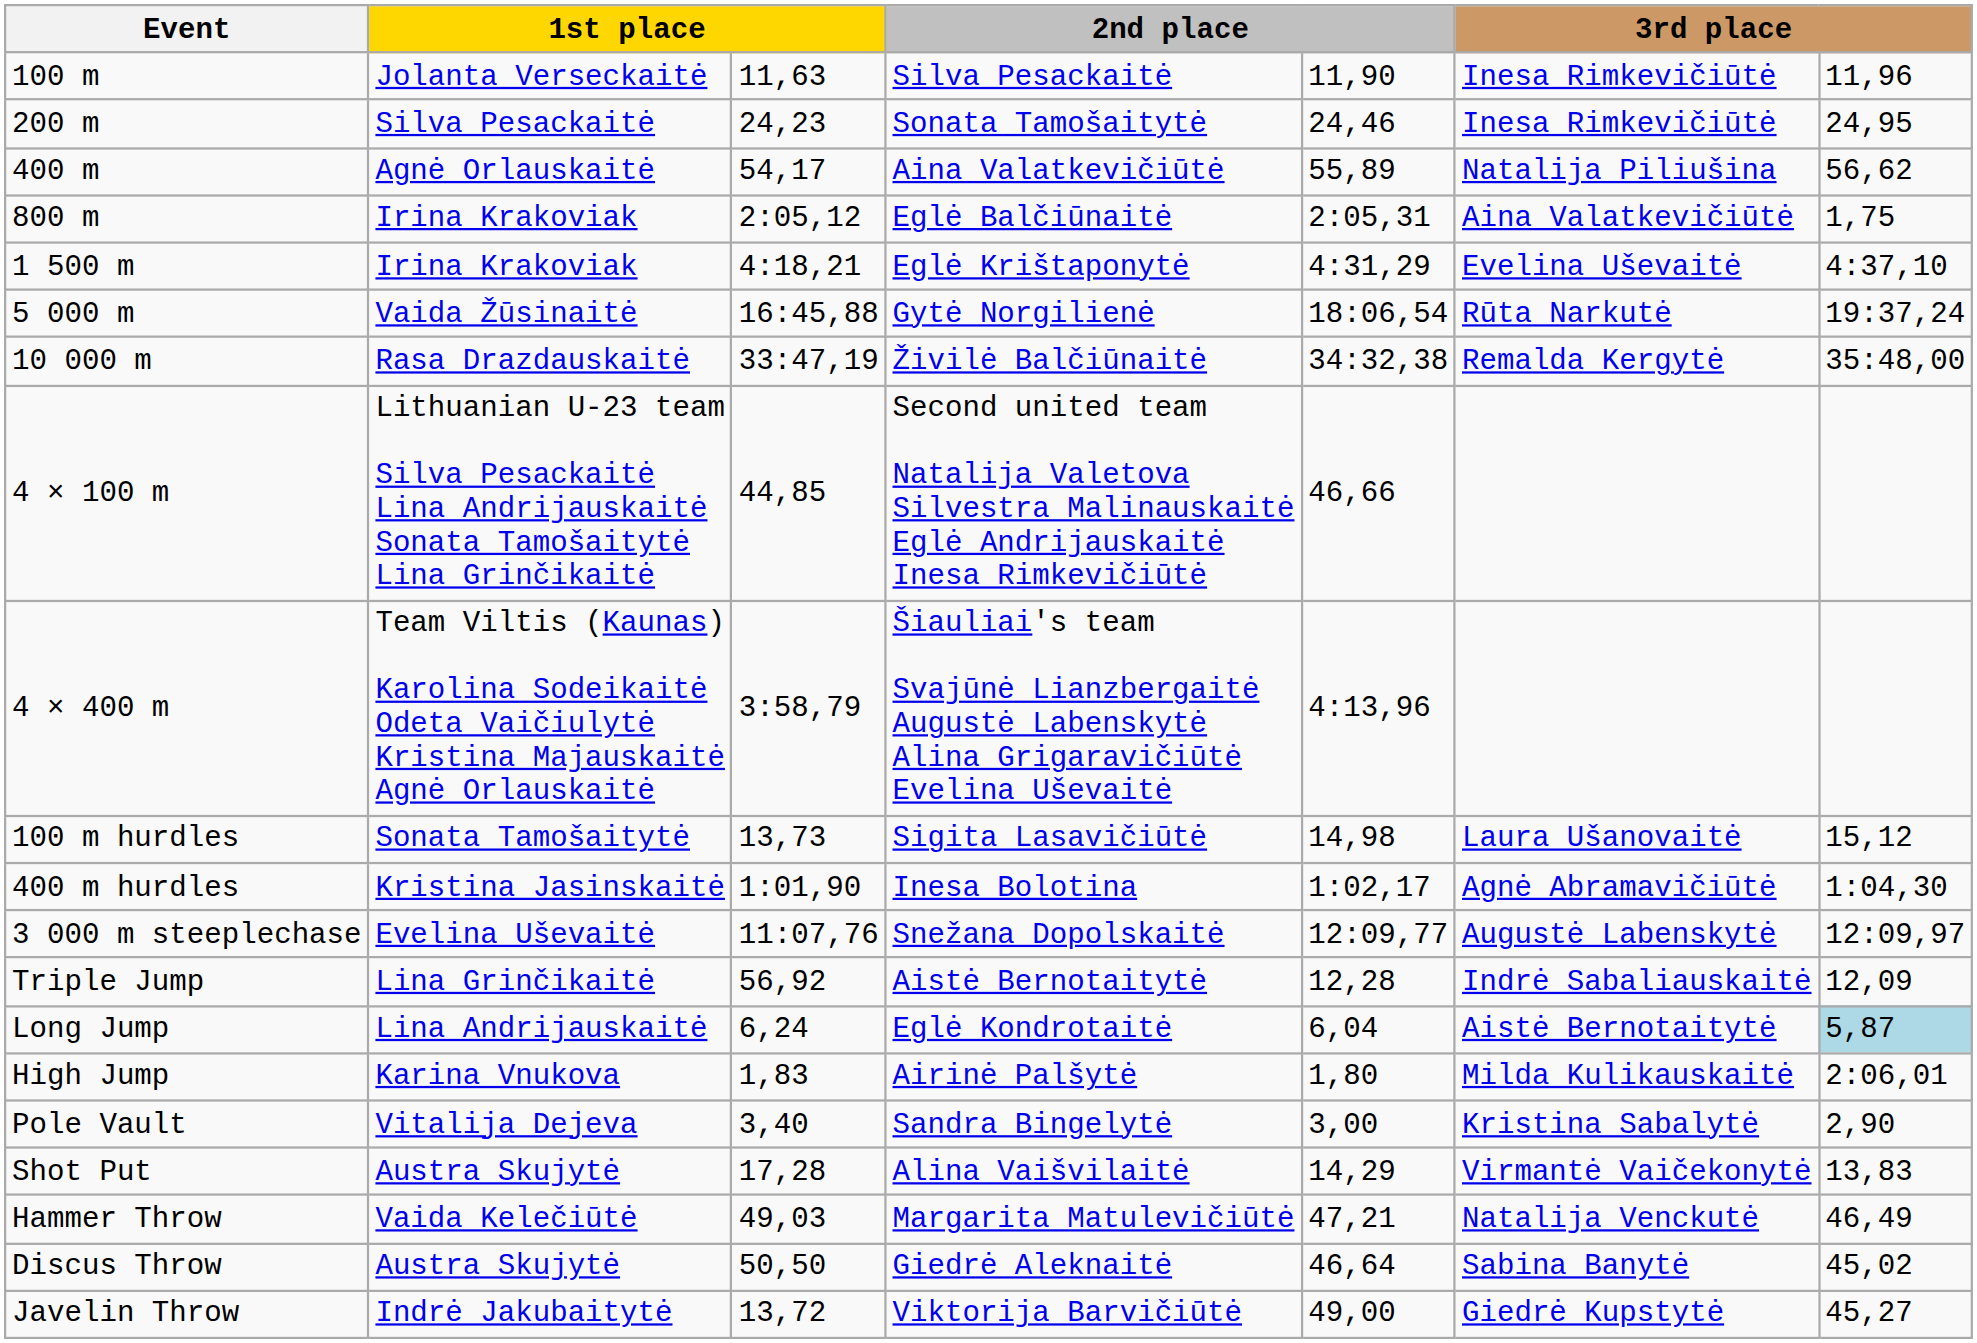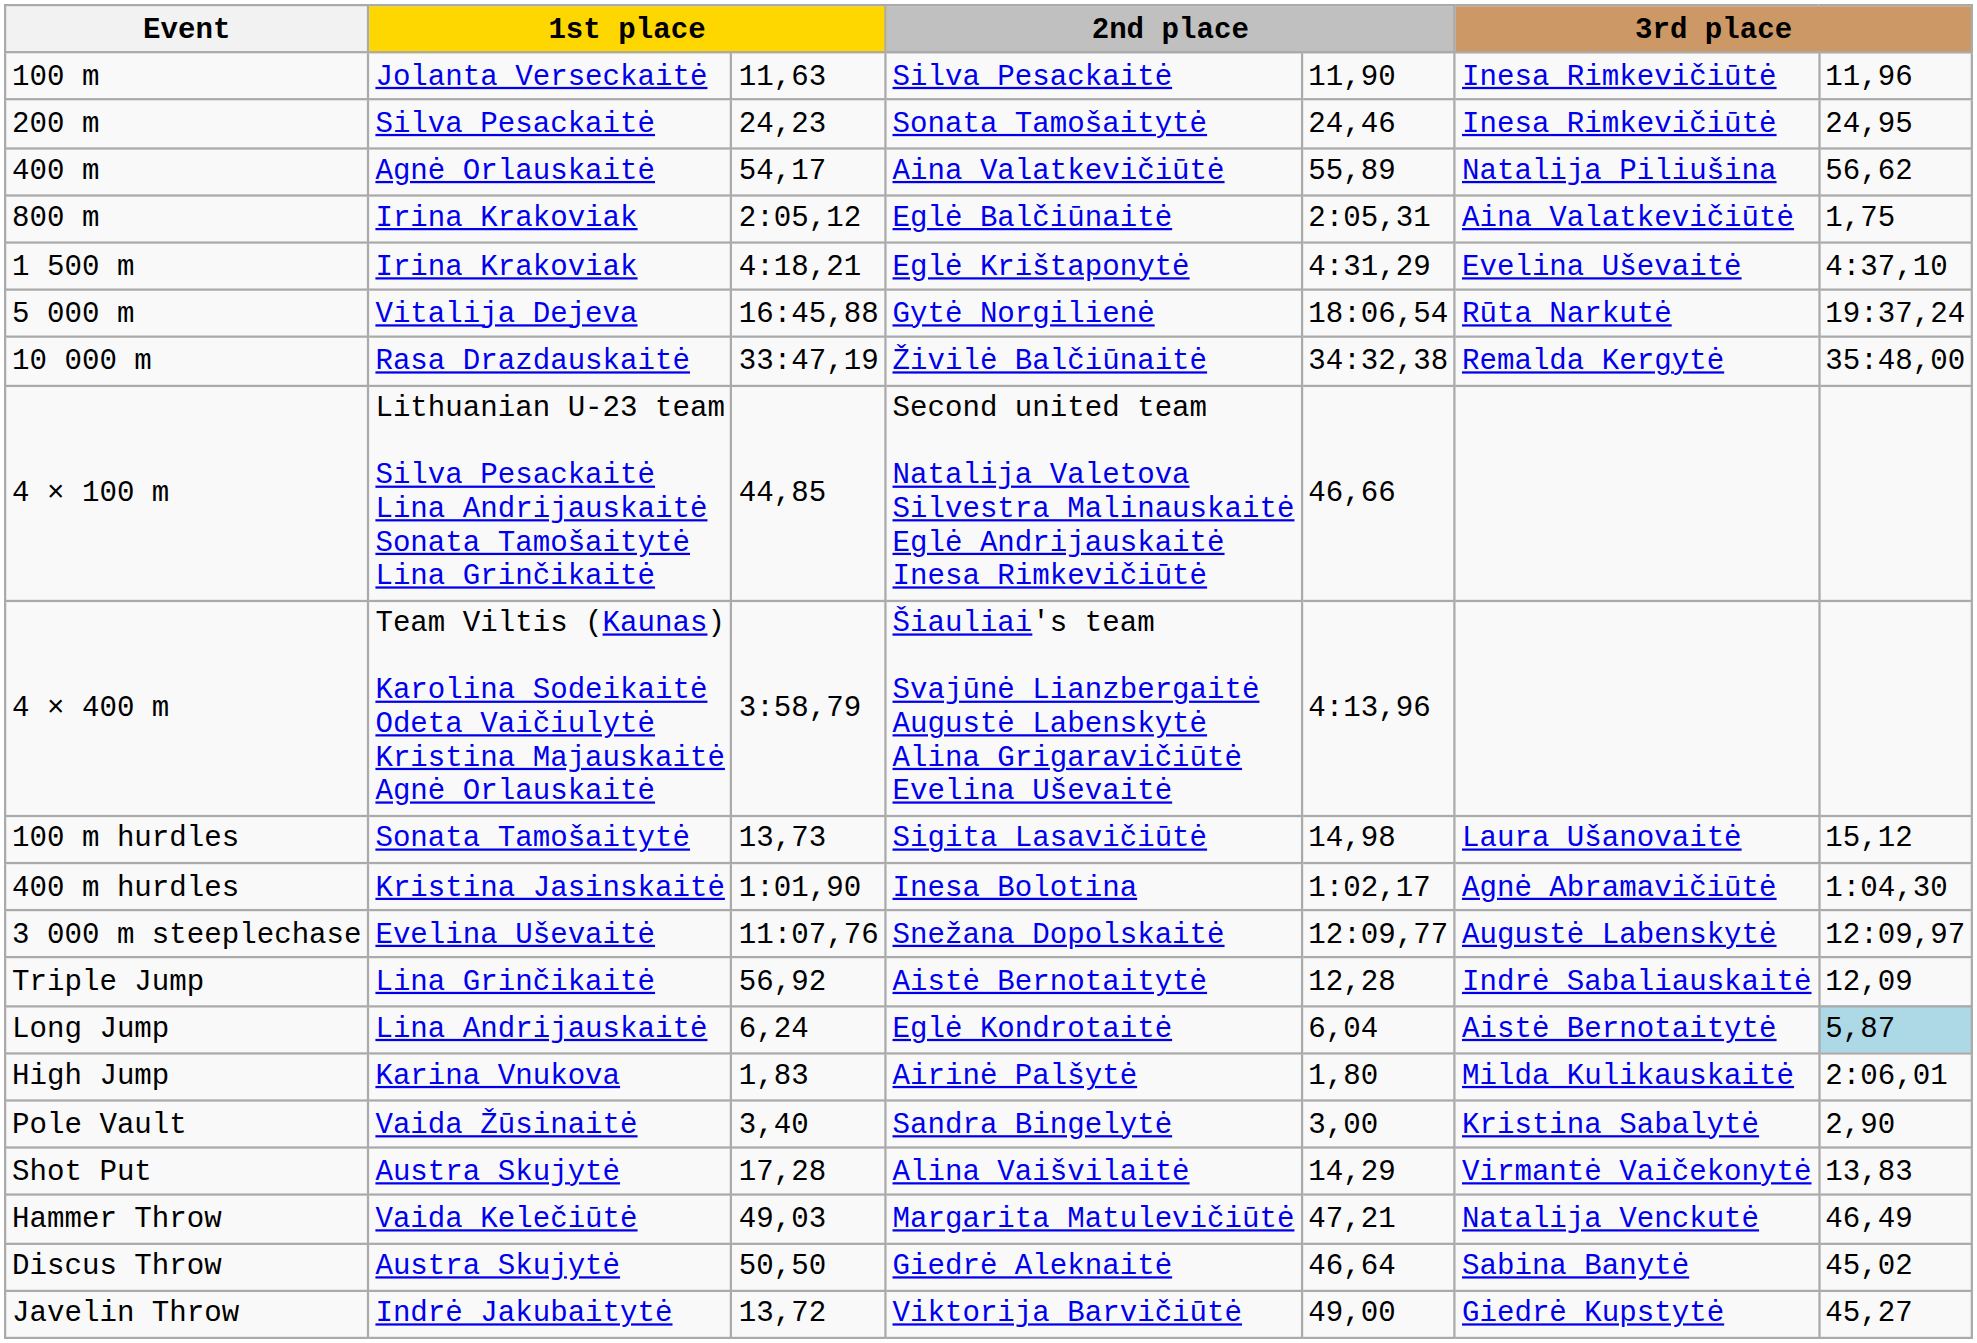 <table class="wikitable">
 <tr>
 <th>Event</th>
 <th style="background:gold;" colspan=2>1st place</th>
 <th style="background:silver;" colspan=2>2nd place</th>
 <th style="background:#CC9966;" colspan=2>3rd place</th>
 </tr>
 <tr>
 <td>100 m</td>
 <td><a href='#'>Jolanta Verseckaitė</a></td>
 <td>11,63</td>
 <td><a href='#'>Silva Pesackaitė</a></td>
 <td>11,90</td>
 <td><a href='#'>Inesa Rimkevičiūtė</a></td>
 <td>11,96</td>
 </tr>
 <tr>
 <td>200 m</td>
 <td><a href='#'>Silva Pesackaitė</a></td>
 <td>24,23</td>
 <td><a href='#'>Sonata Tamošaitytė</a></td>
 <td>24,46</td>
 <td><a href='#'>Inesa Rimkevičiūtė</a></td>
 <td>24,95</td>
 </tr>
 <tr>
 <td>400 m</td>
 <td><a href='#'>Agnė Orlauskaitė</a></td>
 <td>54,17</td>
 <td><a href='#'>Aina Valatkevičiūtė</a></td>
 <td>55,89</td>
 <td><a href='#'>Natalija Piliušina</a></td>
 <td>56,62</td>
 </tr>
 <tr>
 <td>800 m</td>
 <td><a href='#'>Irina Krakoviak</a></td>
 <td>2:05,12</td>
 <td><a href='#'>Eglė Balčiūnaitė</a></td>
 <td>2:05,31</td>
 <td><a href='#'>Aina Valatkevičiūtė</a></td>
 <td>1,75</td>
 </tr>
 <tr>
 <td>1 500 m</td>
 <td><a href='#'>Irina Krakoviak</a></td>
 <td>4:18,21</td>
 <td><a href='#'>Eglė Krištaponytė</a></td>
 <td>4:31,29</td>
 <td><a href='#'>Evelina Uševaitė</a></td>
 <td>4:37,10</td>
 </tr>
 <tr>
 <td>5 000 m</td>
-<td><a href='#'>Vaida Žūsinaitė</a></td>
+<td><a href='#'>Vitalija Dejeva</a></td>
 <td>16:45,88</td>
 <td><a href='#'>Gytė Norgilienė</a></td>
 <td>18:06,54</td>
 <td><a href='#'>Rūta Narkutė</a></td>
 <td>19:37,24</td>
 </tr>
 <tr>
 <td>10 000 m</td>
 <td><a href='#'>Rasa Drazdauskaitė</a></td>
 <td>33:47,19</td>
 <td><a href='#'>Živilė Balčiūnaitė</a></td>
 <td>34:32,38</td>
 <td><a href='#'>Remalda Kergytė</a></td>
 <td>35:48,00</td>
 </tr>
 <tr>
 <td>4 × 100 m</td>
 <td>Lithuanian U-23 team <br><br><a href='#'>Silva Pesackaitė</a> <br> <a href='#'>Lina Andrijauskaitė</a> <br> <a href='#'>Sonata Tamošaitytė</a> <br> <a href='#'>Lina Grinčikaitė</a></td>
 <td>44,85</td>
 <td>Second united team <br><br><a href='#'>Natalija Valetova</a> <br> <a href='#'>Silvestra Malinauskaitė</a> <br> <a href='#'>Eglė Andrijauskaitė</a> <br> <a href='#'>Inesa Rimkevičiūtė</a></td>
 <td>46,66</td>
 <td></td>
 <td></td>
 </tr>
 <tr>
 <td>4 × 400 m</td>
 <td>Team Viltis (<a href='#'>Kaunas</a>) <br><br><a href='#'>Karolina Sodeikaitė</a> <br> <a href='#'>Odeta Vaičiulytė</a> <br> <a href='#'>Kristina Majauskaitė</a> <br> <a href='#'>Agnė Orlauskaitė</a></td>
 <td>3:58,79</td>
 <td><a href='#'>Šiauliai</a>'s team <br><br><a href='#'>Svajūnė Lianzbergaitė</a> <br> <a href='#'>Augustė Labenskytė</a> <br> <a href='#'>Alina Grigaravičiūtė</a> <br> <a href='#'>Evelina Uševaitė</a> <br></td>
 <td>4:13,96</td>
 <td></td>
 <td></td>
 </tr>
 <tr>
 <td>100 m hurdles</td>
 <td><a href='#'>Sonata Tamošaitytė</a></td>
 <td>13,73</td>
 <td><a href='#'>Sigita Lasavičiūtė</a></td>
 <td>14,98</td>
 <td><a href='#'>Laura Ušanovaitė</a></td>
 <td>15,12</td>
 </tr>
 <tr>
 <td>400 m hurdles</td>
 <td><a href='#'>Kristina Jasinskaitė</a></td>
 <td>1:01,90</td>
 <td><a href='#'>Inesa Bolotina</a></td>
 <td>1:02,17</td>
 <td><a href='#'>Agnė Abramavičiūtė</a></td>
 <td>1:04,30</td>
 </tr>
 <tr>
 <td>3 000 m steeplechase</td>
 <td><a href='#'>Evelina Uševaitė</a></td>
 <td>11:07,76</td>
 <td><a href='#'>Snežana Dopolskaitė</a></td>
 <td>12:09,77</td>
 <td><a href='#'>Augustė Labenskytė</a></td>
 <td>12:09,97</td>
 </tr>
 <tr>
 <td>Triple Jump</td>
 <td><a href='#'>Lina Grinčikaitė</a></td>
 <td>56,92</td>
 <td><a href='#'>Aistė Bernotaitytė</a></td>
 <td>12,28</td>
 <td><a href='#'>Indrė Sabaliauskaitė</a></td>
 <td>12,09</td>
 </tr>
 <tr>
 <td>Long Jump</td>
 <td><a href='#'>Lina Andrijauskaitė</a></td>
 <td>6,24</td>
 <td><a href='#'>Eglė Kondrotaitė</a></td>
 <td>6,04</td>
 <td><a href='#'>Aistė Bernotaitytė</a></td>
 <td style="background: lightblue;">5,87</td>
 </tr>
 <tr>
 <td>High Jump</td>
 <td><a href='#'>Karina Vnukova</a></td>
 <td>1,83</td>
 <td><a href='#'>Airinė Palšytė</a></td>
 <td>1,80</td>
 <td><a href='#'>Milda Kulikauskaitė</a></td>
 <td>2:06,01</td>
 </tr>
 <tr>
 <td>Pole Vault</td>
-<td><a href='#'>Vitalija Dejeva</a></td>
+<td><a href='#'>Vaida Žūsinaitė</a></td>
 <td>3,40</td>
 <td><a href='#'>Sandra Bingelytė</a></td>
 <td>3,00</td>
 <td><a href='#'>Kristina Sabalytė</a></td>
 <td>2,90</td>
 </tr>
 <tr>
 <td>Shot Put</td>
 <td><a href='#'>Austra Skujytė</a></td>
 <td>17,28</td>
 <td><a href='#'>Alina Vaišvilaitė</a></td>
 <td>14,29</td>
 <td><a href='#'>Virmantė Vaičekonytė</a></td>
 <td>13,83</td>
 </tr>
 <tr>
 <td>Hammer Throw</td>
 <td><a href='#'>Vaida Kelečiūtė</a></td>
 <td>49,03</td>
 <td><a href='#'>Margarita Matulevičiūtė</a></td>
 <td>47,21</td>
 <td><a href='#'>Natalija Venckutė</a></td>
 <td>46,49</td>
 </tr>
 <tr>
 <td>Discus Throw</td>
 <td><a href='#'>Austra Skujytė</a></td>
 <td>50,50</td>
 <td><a href='#'>Giedrė Aleknaitė</a></td>
 <td>46,64</td>
 <td><a href='#'>Sabina Banytė</a></td>
 <td>45,02</td>
 </tr>
 <tr>
 <td>Javelin Throw</td>
 <td><a href='#'>Indrė Jakubaitytė</a></td>
 <td>13,72</td>
 <td><a href='#'>Viktorija Barvičiūtė</a></td>
 <td>49,00</td>
 <td><a href='#'>Giedrė Kupstytė</a></td>
 <td>45,27</td>
 </tr>
 </table>
